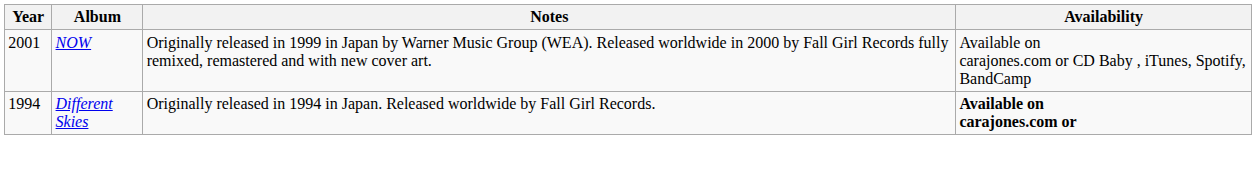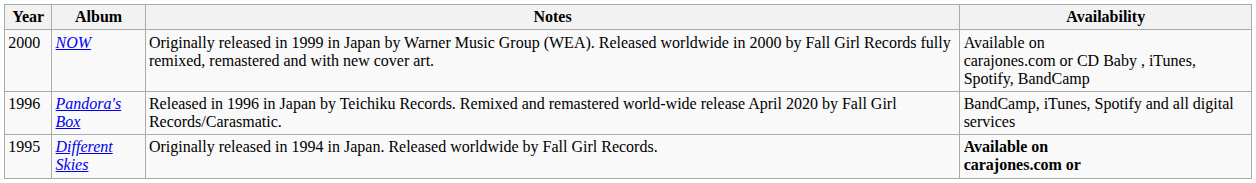 <table class="wikitable">
 <tr>
 <th align="left" valign="top" width="40">Year</th>
 <th align="left" valign="top">Album</th>
 <th align="left" valign="top">Notes</th>
 <th align="left" valign="top">Availability</th>
 </tr>
 <tr>
-<td align="left" valign="top">2001</td>
+<td align="left" valign="top">2000</td>
 <td align="left" valign="top"><em><a href='#'>NOW</a></em></td>
 <td align="left" valign="top">Originally released in 1999 in Japan by Warner Music Group (WEA).  Released worldwide in 2000 by Fall Girl Records fully remixed, remastered and with new cover art.</td>
 <td align="left" valign="top">Available on<br>carajones.com or CD Baby , iTunes, Spotify, BandCamp</td>
 </tr>
 <tr>
-<td align="left" valign="top">1994</td>
+<td align="left" valign="top">1996</td>
+<td align="left" valign="top"><em><a href='#'>Pandora's Box</a></em></td>
+<td align="left" valign="top">Released in 1996 in Japan by Teichiku Records.  Remixed and remastered world-wide release April 2020 by Fall Girl Records/Carasmatic.</td>
+<td align="left" valign="top">BandCamp, iTunes, Spotify and all digital services</td>
+</tr>
+<tr>
+<td align="left" valign="top">1995</td>
 <td align="left" valign="top"><em><a href='#'>Different Skies</a></em></td>
 <td align="left" valign="top">Originally released in 1994 in Japan.  Released worldwide by Fall Girl Records.</td>
 <td align="left" valign="top"><strong>Available on<br>carajones.com or </strong></td>
 </tr>
 <tr>
 </tr>
 </table>
